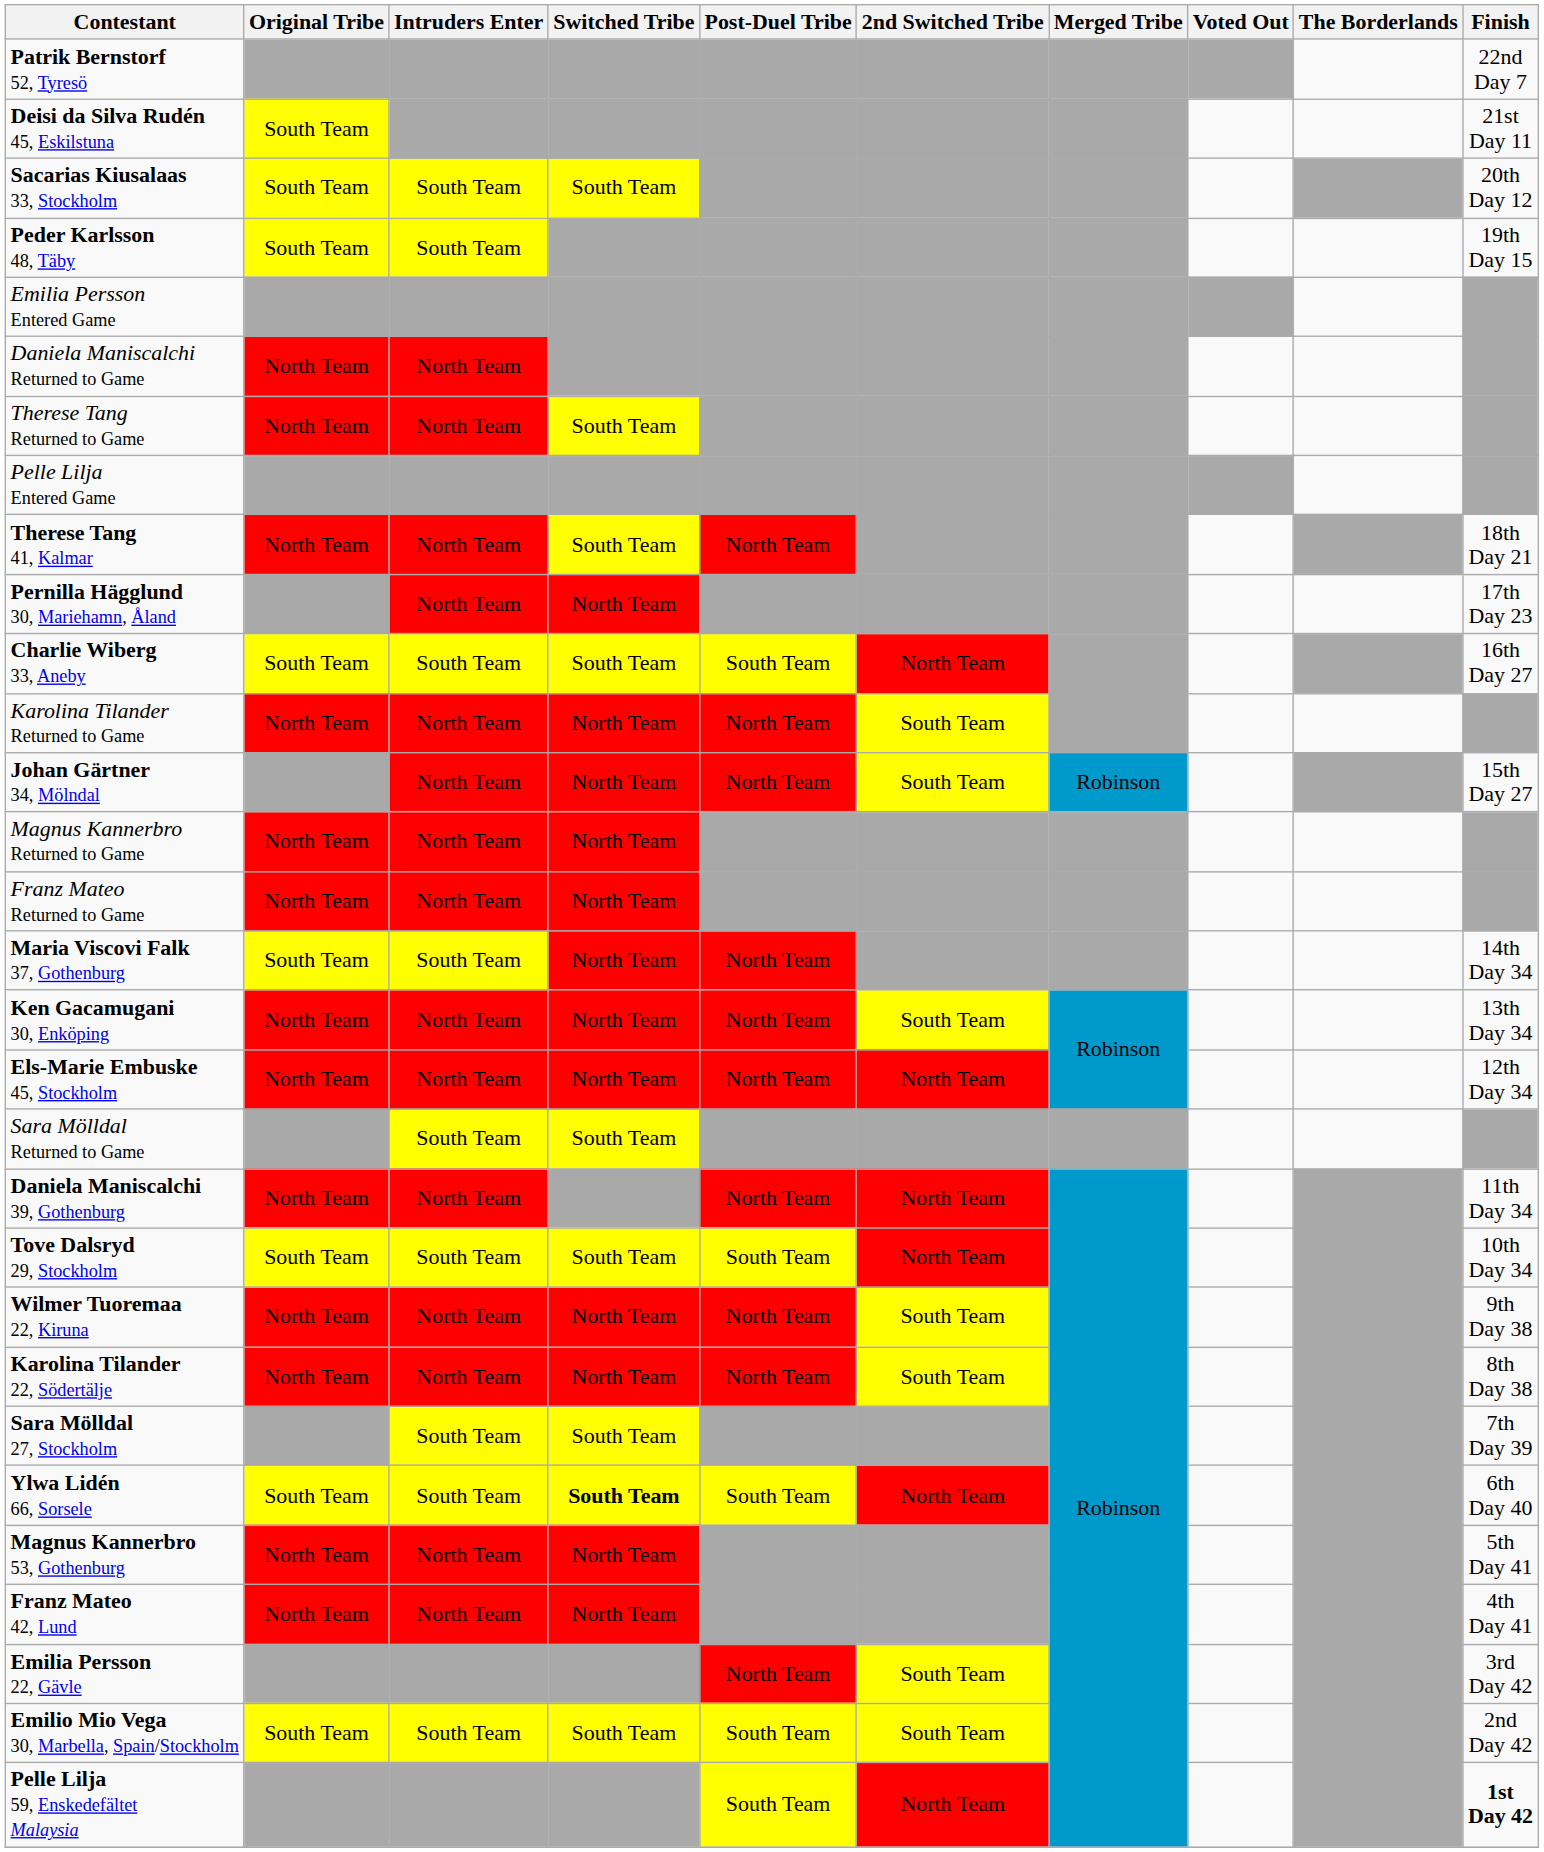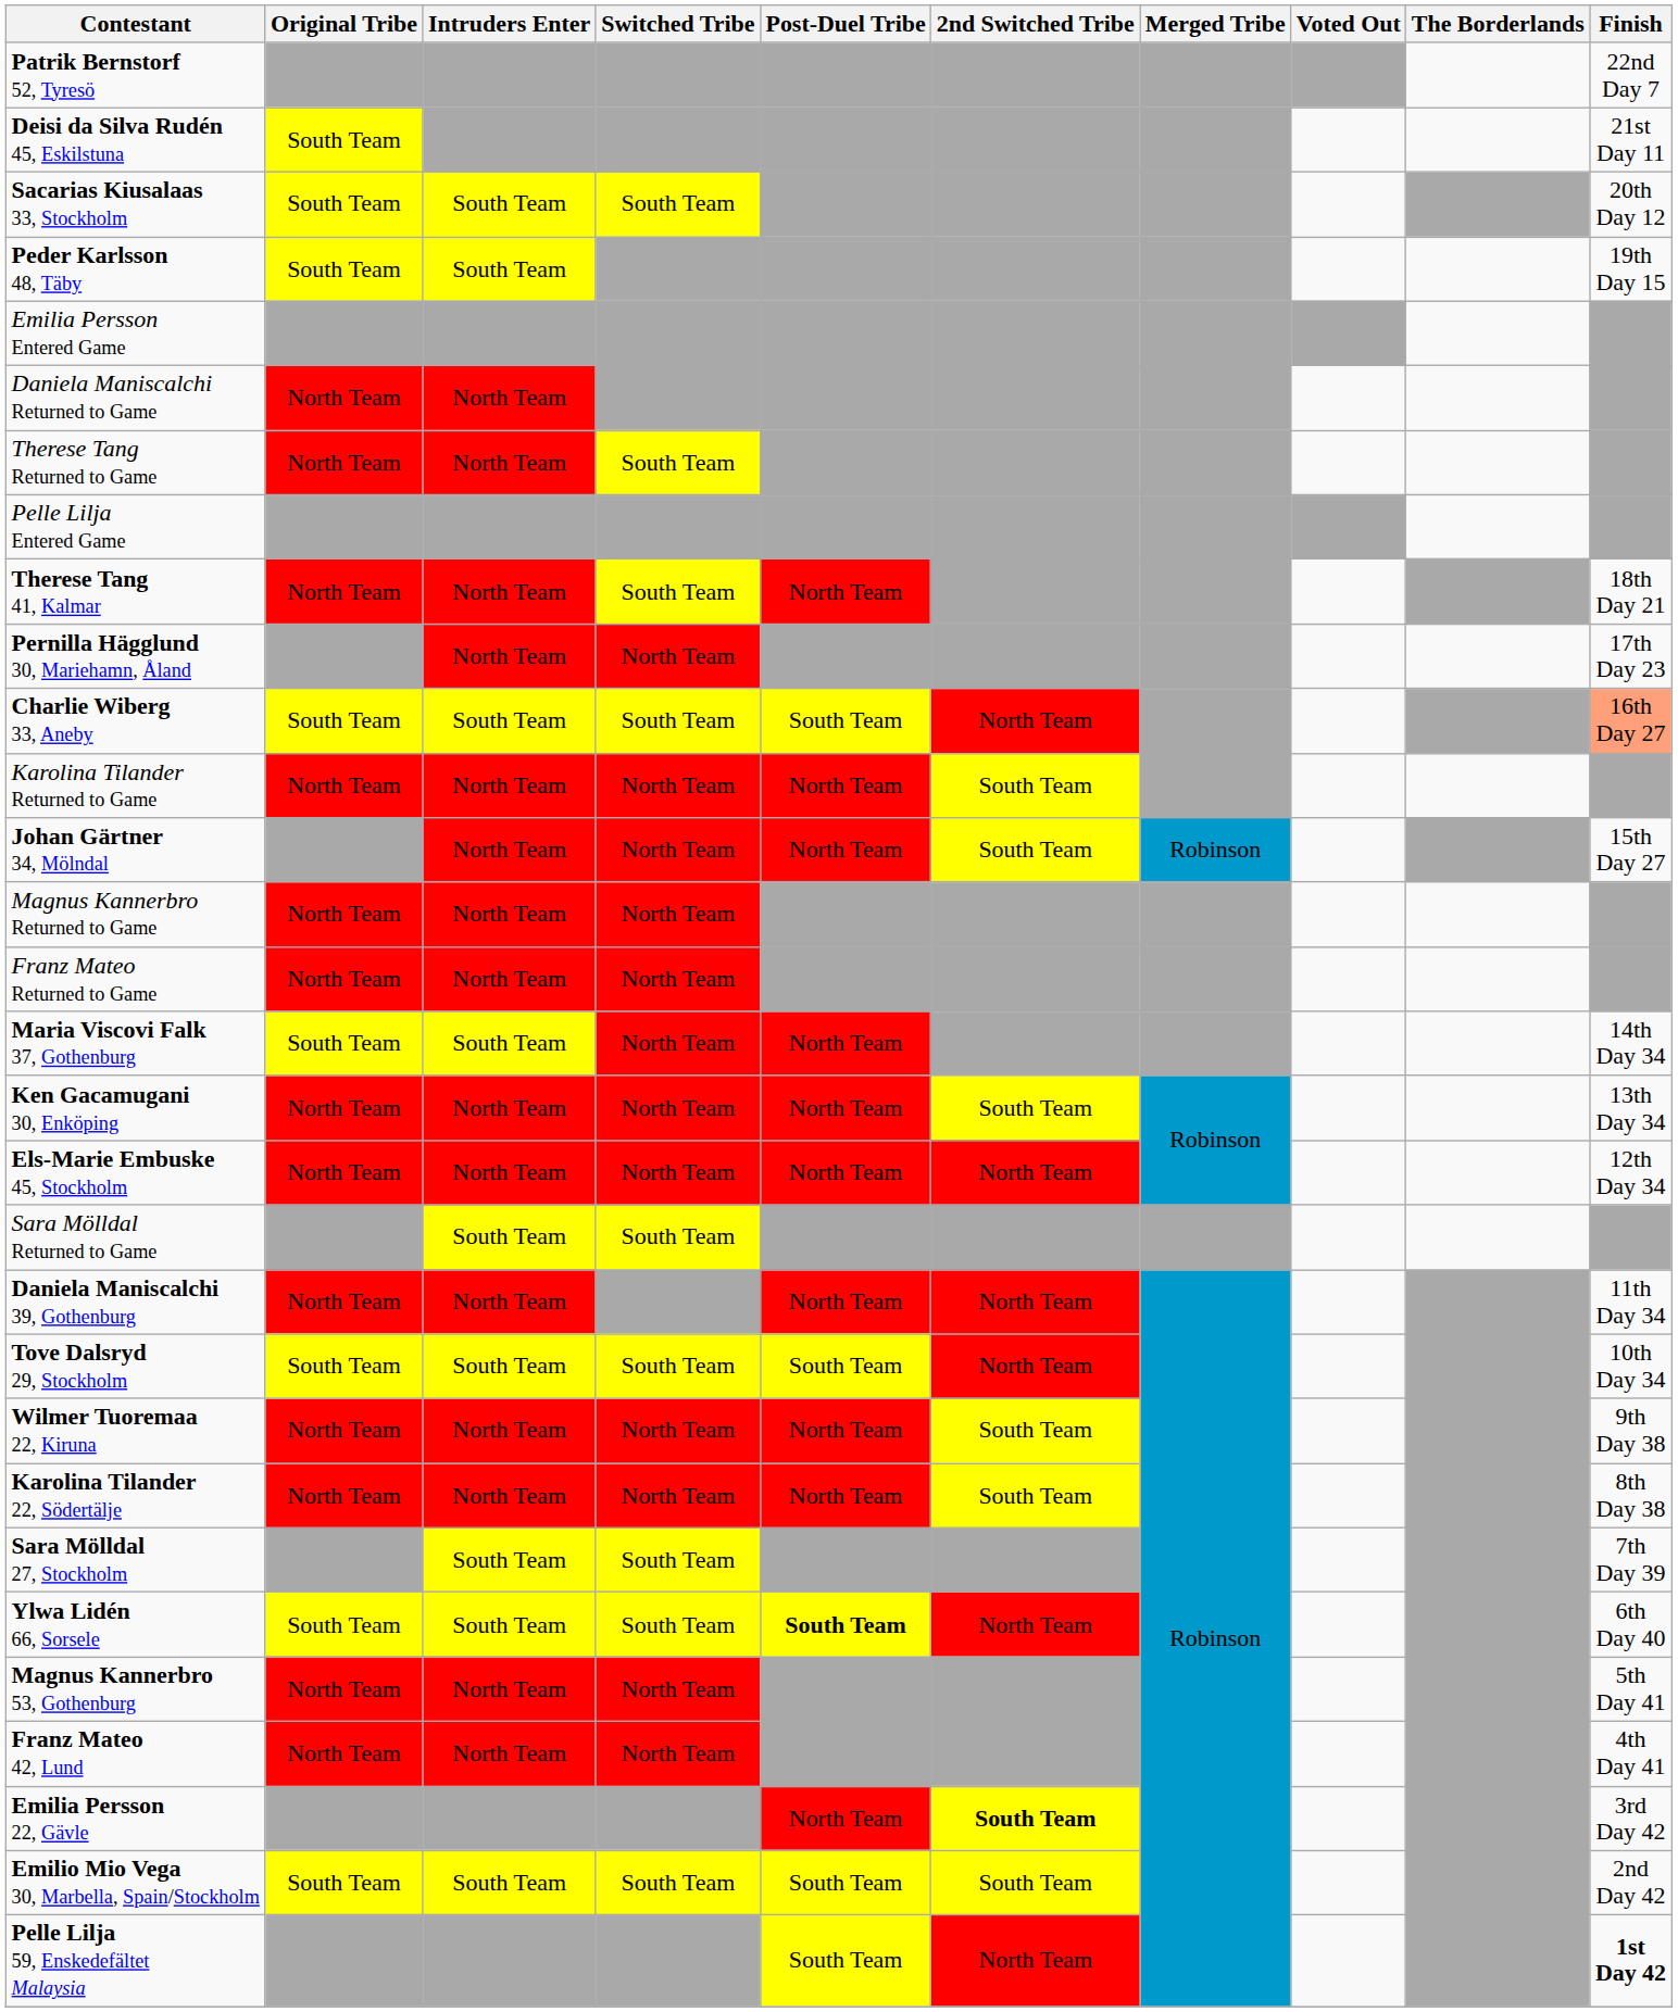 <table class="wikitable" style="margin:auto; text-align:center">
 <tr>
 <th>Contestant</th>
 <th>Original Tribe</th>
 <th>Intruders Enter</th>
 <th>Switched Tribe</th>
 <th>Post-Duel Tribe</th>
 <th>2nd Switched Tribe</th>
 <th>Merged Tribe</th>
 <th>Voted Out</th>
 <th>The Borderlands</th>
 <th>Finish</th>
 </tr>
 <tr>
 <td style="text-align: left;"><strong>Patrik Bernstorf</strong><br><small>52, <a href='#'>Tyresö</a></small></td>
 <td bgcolor="darkgrey"></td>
 <td bgcolor="darkgrey"></td>
 <td bgcolor="darkgrey"></td>
 <td bgcolor="darkgrey"></td>
 <td bgcolor="darkgrey"></td>
 <td bgcolor="darkgrey"></td>
 <td bgcolor="darkgrey"></td>
 <td></td>
 <td>22nd<br>Day 7</td>
 </tr>
 <tr>
 <td style="text-align: left;"><strong>Deisi da Silva Rudén</strong><br><small>45, <a href='#'>Eskilstuna</a></small></td>
 <td bgcolor="yellow">South Team</td>
 <td bgcolor="darkgrey"></td>
 <td bgcolor="darkgrey"></td>
 <td bgcolor="darkgrey"></td>
 <td bgcolor="darkgrey"></td>
 <td bgcolor="darkgrey"></td>
 <td></td>
 <td></td>
 <td>21st<br>Day 11</td>
 </tr>
 <tr>
 <td style="text-align: left;"><strong>Sacarias Kiusalaas</strong><br><small>33, <a href='#'>Stockholm</a></small></td>
 <td bgcolor="yellow">South Team</td>
 <td bgcolor="yellow">South Team</td>
 <td bgcolor="yellow">South Team</td>
 <td bgcolor="darkgrey"></td>
 <td bgcolor="darkgrey"></td>
 <td bgcolor="darkgrey"></td>
 <td></td>
 <td bgcolor="darkgrey"></td>
 <td>20th<br>Day 12</td>
 </tr>
 <tr>
 <td style="text-align: left;"><strong>Peder Karlsson</strong><br><small>48, <a href='#'>Täby</a></small></td>
 <td bgcolor="yellow">South Team</td>
 <td bgcolor="yellow">South Team</td>
 <td bgcolor="darkgrey"></td>
 <td bgcolor="darkgrey"></td>
 <td bgcolor="darkgrey"></td>
 <td bgcolor="darkgrey"></td>
 <td></td>
 <td></td>
 <td>19th<br>Day 15</td>
 </tr>
 <tr>
 <td style="text-align: left;"><em>Emilia Persson</em><br><small>Entered Game</small></td>
 <td bgcolor="darkgrey"></td>
 <td bgcolor="darkgrey"></td>
 <td bgcolor="darkgrey"></td>
 <td bgcolor="darkgrey"></td>
 <td bgcolor="darkgrey"></td>
 <td bgcolor="darkgrey"></td>
 <td bgcolor="darkgrey"></td>
 <td></td>
 <td bgcolor="darkgrey"></td>
 </tr>
 <tr>
 <td style="text-align: left;"><em>Daniela Maniscalchi</em><br><small>Returned to Game</small></td>
 <td bgcolor="red">North Team</td>
 <td bgcolor="red">North Team</td>
 <td bgcolor="darkgrey"></td>
 <td bgcolor="darkgrey"></td>
 <td bgcolor="darkgrey"></td>
 <td bgcolor="darkgrey"></td>
 <td></td>
 <td></td>
 <td bgcolor="darkgrey"></td>
 </tr>
 <tr>
 <td style="text-align: left;"><em>Therese Tang</em><br><small>Returned to Game</small></td>
 <td bgcolor="red">North Team</td>
 <td bgcolor="red">North Team</td>
 <td bgcolor="yellow">South Team</td>
 <td bgcolor="darkgrey"></td>
 <td bgcolor="darkgrey"></td>
 <td bgcolor="darkgrey"></td>
 <td></td>
 <td></td>
 <td bgcolor="darkgrey"></td>
 </tr>
 <tr>
 <td style="text-align: left;"><em>Pelle Lilja</em><br><small>Entered Game</small></td>
 <td bgcolor="darkgrey"></td>
 <td bgcolor="darkgrey"></td>
 <td bgcolor="darkgrey"></td>
 <td bgcolor="darkgrey"></td>
 <td bgcolor="darkgrey"></td>
 <td bgcolor="darkgrey"></td>
 <td bgcolor="darkgrey"></td>
 <td></td>
 <td bgcolor="darkgrey"></td>
 </tr>
 <tr>
 <td style="text-align: left;"><strong>Therese Tang</strong><br><small>41, <a href='#'>Kalmar</a></small></td>
 <td bgcolor="red">North Team</td>
 <td bgcolor="red">North Team</td>
 <td bgcolor="yellow">South Team</td>
 <td bgcolor="red">North Team</td>
 <td bgcolor="darkgrey"></td>
 <td bgcolor="darkgrey"></td>
 <td></td>
 <td bgcolor="darkgrey"></td>
 <td>18th<br>Day 21</td>
 </tr>
 <tr>
 <td style="text-align: left;"><strong>Pernilla Hägglund</strong><br><small>30, <a href='#'>Mariehamn</a>, <a href='#'>Åland</a></small></td>
 <td bgcolor="darkgrey"></td>
 <td bgcolor="red">North Team</td>
 <td bgcolor="red">North Team</td>
 <td bgcolor="darkgrey"></td>
 <td bgcolor="darkgrey"></td>
 <td bgcolor="darkgrey"></td>
 <td></td>
 <td></td>
 <td>17th<br>Day 23</td>
 </tr>
 <tr>
 <td style="text-align: left;"><strong>Charlie Wiberg</strong><br><small>33, <a href='#'>Aneby</a></small></td>
 <td bgcolor="yellow">South Team</td>
 <td bgcolor="yellow">South Team</td>
 <td bgcolor="yellow">South Team</td>
 <td bgcolor="yellow">South Team</td>
 <td bgcolor="red">North Team</td>
 <td bgcolor="darkgrey"></td>
 <td></td>
 <td bgcolor="darkgrey"></td>
-<td>16th<br>Day 27</td>
+<td style="background: lightsalmon;">16th<br>Day 27</td>
 </tr>
 <tr>
 <td style="text-align: left;"><em>Karolina Tilander</em><br><small>Returned to Game</small></td>
 <td bgcolor="red">North Team</td>
 <td bgcolor="red">North Team</td>
 <td bgcolor="red">North Team</td>
 <td bgcolor="red">North Team</td>
 <td bgcolor="yellow">South Team</td>
 <td bgcolor="darkgrey"></td>
 <td></td>
 <td></td>
 <td bgcolor="darkgrey"></td>
 </tr>
 <tr>
 <td style="text-align: left;"><strong>Johan Gärtner</strong><br><small>34, <a href='#'>Mölndal</a></small></td>
 <td bgcolor="darkgrey"></td>
 <td bgcolor="red">North Team</td>
 <td bgcolor="red">North Team</td>
 <td bgcolor="red">North Team</td>
 <td bgcolor="yellow">South Team</td>
 <td bgcolor="#0099CC">Robinson</td>
 <td></td>
 <td bgcolor="darkgrey"></td>
 <td>15th<br>Day 27</td>
 </tr>
 <tr>
 <td style="text-align: left;"><em>Magnus Kannerbro</em><br><small>Returned to Game</small></td>
 <td bgcolor="red">North Team</td>
 <td bgcolor="red">North Team</td>
 <td bgcolor="red">North Team</td>
 <td bgcolor="darkgrey"></td>
 <td bgcolor="darkgrey"></td>
 <td bgcolor="darkgrey"></td>
 <td></td>
 <td></td>
 <td bgcolor="darkgrey"></td>
 </tr>
 <tr>
 <td style="text-align: left;"><em>Franz Mateo</em><br><small>Returned to Game</small></td>
 <td bgcolor="red">North Team</td>
 <td bgcolor="red">North Team</td>
 <td bgcolor="red">North Team</td>
 <td bgcolor="darkgrey"></td>
 <td bgcolor="darkgrey"></td>
 <td bgcolor="darkgrey"></td>
 <td></td>
 <td></td>
 <td bgcolor="darkgrey"></td>
 </tr>
 <tr>
 <td style="text-align: left;"><strong>Maria Viscovi Falk</strong><br><small>37, <a href='#'>Gothenburg</a></small></td>
 <td bgcolor="yellow">South Team</td>
 <td bgcolor="yellow">South Team</td>
 <td bgcolor="red">North Team</td>
 <td bgcolor="red">North Team</td>
 <td bgcolor="darkgrey"></td>
 <td bgcolor="darkgrey"></td>
 <td></td>
 <td></td>
 <td>14th<br>Day 34</td>
 </tr>
 <tr>
 <td style="text-align: left;"><strong>Ken Gacamugani</strong><br><small>30, <a href='#'>Enköping</a></small></td>
 <td bgcolor="red">North Team</td>
 <td bgcolor="red">North Team</td>
 <td bgcolor="red">North Team</td>
 <td bgcolor="red">North Team</td>
 <td bgcolor="yellow">South Team</td>
 <td rowspan="2" bgcolor="#0099CC">Robinson</td>
 <td></td>
 <td></td>
 <td>13th<br>Day 34</td>
 </tr>
 <tr>
 <td style="text-align: left;"><strong>Els-Marie Embuske</strong><br><small>45, <a href='#'>Stockholm</a></small></td>
 <td bgcolor="red">North Team</td>
 <td bgcolor="red">North Team</td>
 <td bgcolor="red">North Team</td>
 <td bgcolor="red">North Team</td>
 <td bgcolor="red">North Team</td>
 <td></td>
 <td></td>
 <td>12th<br>Day 34</td>
 </tr>
 <tr>
 <td style="text-align: left;"><em>Sara Mölldal</em><br><small>Returned to Game</small></td>
 <td bgcolor="darkgrey"></td>
 <td bgcolor="yellow">South Team</td>
 <td bgcolor="yellow">South Team</td>
 <td bgcolor="darkgrey"></td>
 <td bgcolor="darkgrey"></td>
 <td bgcolor="darkgrey"></td>
 <td></td>
 <td></td>
 <td bgcolor="darkgrey"></td>
 </tr>
 <tr>
 <td style="text-align: left;"><strong>Daniela Maniscalchi</strong><br><small>39, <a href='#'>Gothenburg</a></small></td>
 <td bgcolor="red">North Team</td>
 <td bgcolor="red">North Team</td>
 <td bgcolor="darkgrey"></td>
 <td bgcolor="red">North Team</td>
 <td bgcolor="red">North Team</td>
 <td rowspan="11" bgcolor="#0099CC">Robinson</td>
 <td></td>
 <td rowspan="11" bgcolor="darkgrey"></td>
 <td>11th<br>Day 34</td>
 </tr>
 <tr>
 <td style="text-align: left;"><strong>Tove Dalsryd</strong><br><small>29, <a href='#'>Stockholm</a></small></td>
 <td bgcolor="yellow">South Team</td>
 <td bgcolor="yellow">South Team</td>
 <td bgcolor="yellow">South Team</td>
 <td bgcolor="yellow">South Team</td>
 <td bgcolor="red">North Team</td>
 <td></td>
 <td>10th<br>Day 34</td>
 </tr>
 <tr>
 <td style="text-align: left;"><strong>Wilmer Tuoremaa</strong><br><small>22, <a href='#'>Kiruna</a></small></td>
 <td bgcolor="red">North Team</td>
 <td bgcolor="red">North Team</td>
 <td bgcolor="red">North Team</td>
 <td bgcolor="red">North Team</td>
 <td bgcolor="yellow">South Team</td>
 <td></td>
 <td>9th<br>Day 38</td>
 </tr>
 <tr>
 <td style="text-align: left;"><strong>Karolina Tilander</strong><br><small>22, <a href='#'>Södertälje</a></small></td>
 <td bgcolor="red">North Team</td>
 <td bgcolor="red">North Team</td>
 <td bgcolor="red">North Team</td>
 <td bgcolor="red">North Team</td>
 <td bgcolor="yellow">South Team</td>
 <td></td>
 <td>8th<br>Day 38</td>
 </tr>
 <tr>
 <td style="text-align: left;"><strong>Sara Mölldal</strong><br><small>27, <a href='#'>Stockholm</a></small></td>
 <td bgcolor="darkgrey"></td>
 <td bgcolor="yellow">South Team</td>
 <td bgcolor="yellow">South Team</td>
 <td bgcolor="darkgrey"></td>
 <td bgcolor="darkgrey"></td>
 <td></td>
 <td>7th<br>Day 39</td>
 </tr>
 <tr>
 <td style="text-align: left;"><strong>Ylwa Lidén</strong><br><small>66, <a href='#'>Sorsele</a></small></td>
 <td bgcolor="yellow">South Team</td>
 <td bgcolor="yellow">South Team</td>
+<td bgcolor="yellow">South Team</td>
 <td bgcolor="yellow"><strong>South Team</strong></td>
-<td bgcolor="yellow">South Team</td>
 <td bgcolor="red">North Team</td>
 <td></td>
 <td>6th<br>Day 40</td>
 </tr>
 <tr>
 <td style="text-align: left;"><strong>Magnus Kannerbro</strong><br><small>53, <a href='#'>Gothenburg</a></small></td>
 <td bgcolor="red">North Team</td>
 <td bgcolor="red">North Team</td>
 <td bgcolor="red">North Team</td>
 <td bgcolor="darkgrey"></td>
 <td bgcolor="darkgrey"></td>
 <td></td>
 <td>5th<br>Day 41</td>
 </tr>
 <tr>
 <td style="text-align: left;"><strong>Franz Mateo</strong><br><small>42, <a href='#'>Lund</a></small></td>
 <td bgcolor="red">North Team</td>
 <td bgcolor="red">North Team</td>
 <td bgcolor="red">North Team</td>
 <td bgcolor="darkgrey"></td>
 <td bgcolor="darkgrey"></td>
 <td></td>
 <td>4th<br>Day 41</td>
 </tr>
 <tr>
 <td style="text-align: left;"><strong>Emilia Persson</strong><br><small>22, <a href='#'>Gävle</a></small></td>
 <td bgcolor="darkgrey"></td>
 <td bgcolor="darkgrey"></td>
 <td bgcolor="darkgrey"></td>
 <td bgcolor="red">North Team</td>
-<td bgcolor="yellow">South Team</td>
+<td bgcolor="yellow"><strong>South Team</strong></td>
 <td></td>
 <td>3rd<br>Day 42</td>
 </tr>
 <tr>
 <td style="text-align: left;"><strong>Emilio Mio Vega</strong><br><small>30, <a href='#'>Marbella</a>, <a href='#'>Spain</a>/<a href='#'>Stockholm</a></small></td>
 <td bgcolor="yellow">South Team</td>
 <td bgcolor="yellow">South Team</td>
 <td bgcolor="yellow">South Team</td>
 <td bgcolor="yellow">South Team</td>
 <td bgcolor="yellow">South Team</td>
 <td></td>
 <td>2nd<br>Day 42</td>
 </tr>
 <tr>
 <td style="text-align: left;"><strong>Pelle Lilja</strong><br><small>59, <a href='#'>Enskedefältet</a><br><em><a href='#'>Malaysia</a></em></small></td>
 <td bgcolor="darkgrey"></td>
 <td bgcolor="darkgrey"></td>
 <td bgcolor="darkgrey"></td>
 <td bgcolor="yellow">South Team</td>
 <td bgcolor="red">North Team</td>
 <td></td>
 <td><strong>1st<br>Day 42</strong></td>
 </tr>
 <tr>
 </tr>
 </table>
